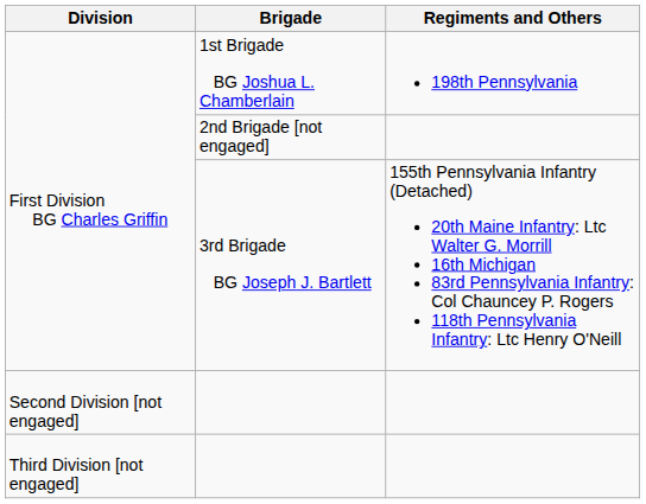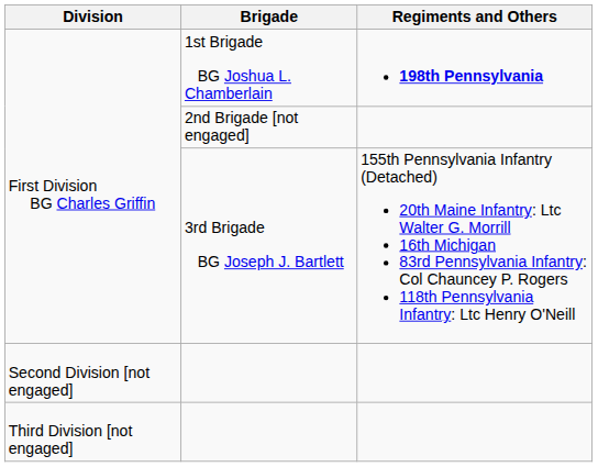 <table class="wikitable">
 <tr>
 <th width=30%>Division</th>
 <th width=30%>Brigade</th>
 <th>Regiments and Others</th>
 </tr>
 <tr>
 <td rowspan=3><br>First Division <br>     BG <a href='#'>Charles Griffin</a></td>
 <td>1st Brigade<br><br>   BG <a href='#'>Joshua L. Chamberlain</a></td>
-<td><br><ul><li><a href='#'>198th Pennsylvania</a></li></ul></td>
+<td><strong><br><ul><li><a href='#'>198th Pennsylvania</a></li></ul></strong></td>
 </tr>
 <tr>
 <td>2nd Brigade [not engaged]</td>
 <td></td>
 </tr>
 <tr>
 <td>3rd Brigade<br><br>   BG <a href='#'>Joseph J. Bartlett</a></td>
 <td>155th Pennsylvania Infantry (Detached)<br><ul><li><a href='#'>20th Maine Infantry</a>: Ltc <a href='#'>Walter G. Morrill</a></li><li><a href='#'>16th Michigan</a></li><li><a href='#'>83rd Pennsylvania Infantry</a>: Col Chauncey P. Rogers</li><li><a href='#'>118th Pennsylvania Infantry</a>:  Ltc Henry O'Neill</li></ul></td>
 </tr>
 <tr>
 <td rowspan= 1><br>Second Division [not engaged]</td>
 <td></td>
 <td></td>
 </tr>
 <tr>
 <td rowspan=1><br>Third Division [not engaged]</td>
 <td></td>
 <td></td>
 </tr>
 </table>
